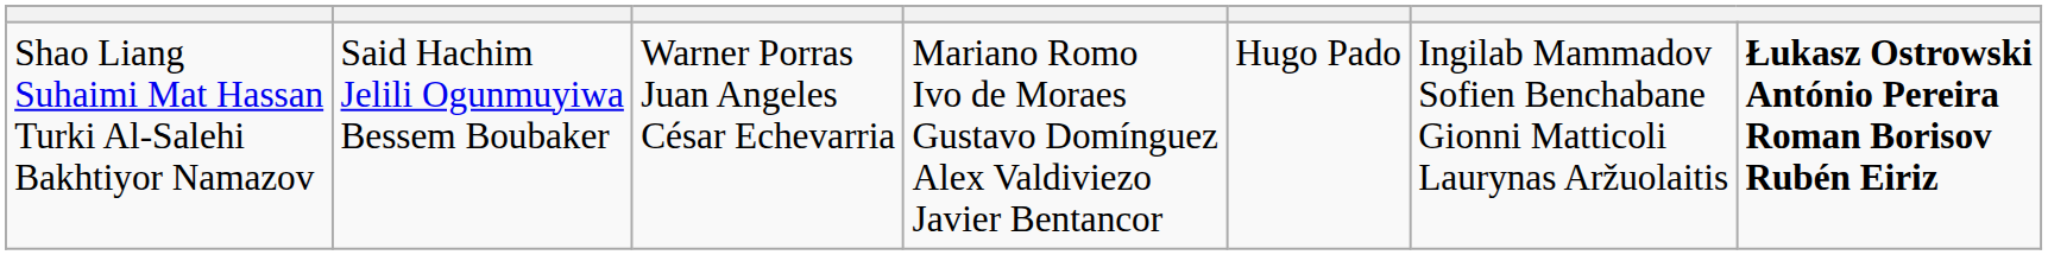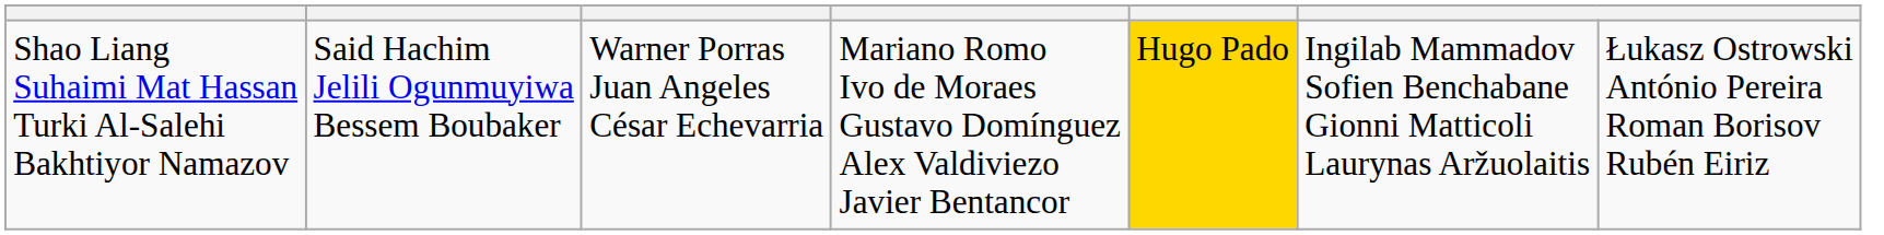 <table class="wikitable" style="text-align:left;">
 <tr>
 <th></th>
 <th></th>
 <th></th>
 <th></th>
 <th></th>
 <th colspan=2></th>
 </tr>
 <tr valign="top">
 <td> Shao Liang<br> <a href='#'>Suhaimi Mat Hassan</a><br> Turki Al-Salehi<br> Bakhtiyor Namazov</td>
 <td> Said Hachim<br> <a href='#'>Jelili Ogunmuyiwa</a><br> Bessem Boubaker</td>
 <td> Warner Porras<br> Juan Angeles<br> César Echevarria</td>
 <td> Mariano Romo<br> Ivo de Moraes<br> Gustavo Domínguez<br> Alex Valdiviezo<br> Javier Bentancor</td>
-<td> Hugo Pado</td>
+<td style="background: gold;"> Hugo Pado</td>
 <td> Ingilab Mammadov<br> Sofien Benchabane<br> Gionni Matticoli<br> Laurynas Aržuolaitis</td>
-<td><strong> Łukasz Ostrowski<br> António Pereira<br> Roman Borisov<br> Rubén Eiriz</strong></td>
+<td> Łukasz Ostrowski<br> António Pereira<br> Roman Borisov<br> Rubén Eiriz</td>
 </tr>
 </table>
